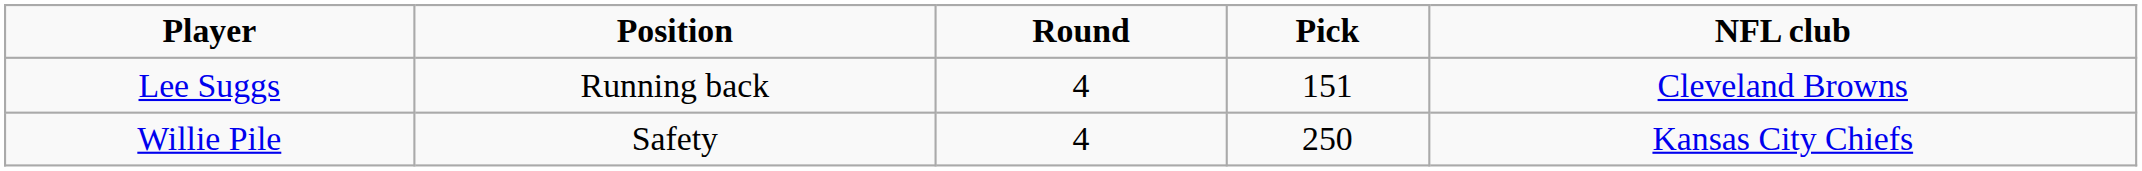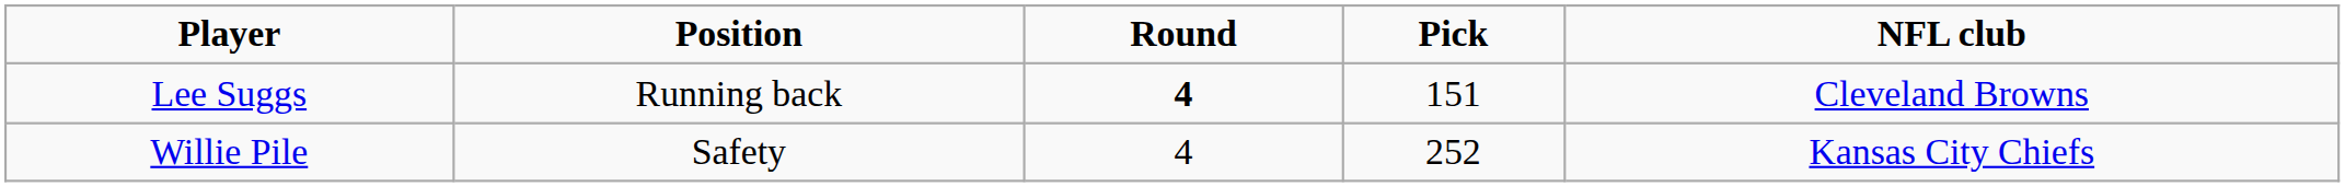 <table class="wikitable" width="80%">
 <tr align="center">
 <td><strong>Player</strong></td>
 <td><strong>Position</strong></td>
 <td><strong>Round</strong></td>
 <td><strong>Pick</strong></td>
 <td><strong>NFL club</strong></td>
 </tr>
 <tr align="center" bgcolor="">
 <td><a href='#'>Lee Suggs</a></td>
 <td>Running back</td>
-<td>4</td>
+<td><strong>4</strong></td>
 <td>151</td>
 <td><a href='#'>Cleveland Browns</a></td>
 </tr>
 <tr align="center" bgcolor="">
 <td><a href='#'>Willie Pile</a></td>
 <td>Safety</td>
 <td>4</td>
-<td>250</td>
+<td>252</td>
 <td><a href='#'>Kansas City Chiefs</a></td>
 </tr>
 </table>
